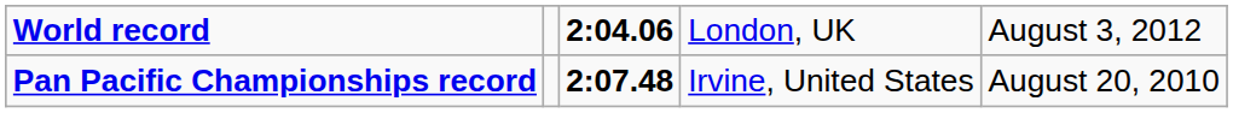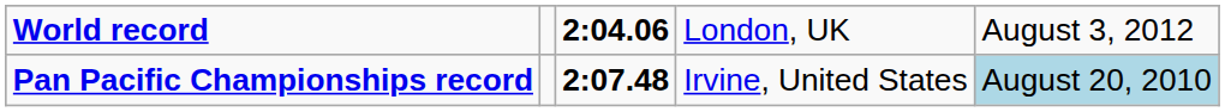 <table class="wikitable">
 <tr>
 <td><strong><a href='#'>World record</a></strong></td>
 <td></td>
 <td><strong>2:04.06</strong></td>
 <td><a href='#'>London</a>, UK</td>
 <td>August 3, 2012</td>
 </tr>
 <tr>
 <td><strong><a href='#'>Pan Pacific Championships record</a></strong></td>
 <td></td>
 <td><strong>2:07.48</strong></td>
 <td><a href='#'>Irvine</a>, United States</td>
-<td>August 20, 2010</td>
+<td style="background: lightblue;">August 20, 2010</td>
 </tr>
 </table>
